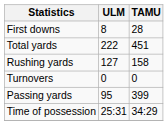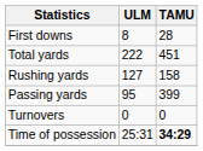 <table class="wikitable" style="float: left;">
 <tr>
 <th>Statistics</th>
 <th>ULM</th>
 <th>TAMU</th>
 </tr>
 <tr>
 <td>First downs</td>
 <td>8</td>
 <td>28</td>
 </tr>
 <tr>
 <td>Total yards</td>
 <td>222</td>
 <td>451</td>
 </tr>
 <tr>
 <td>Rushing yards</td>
 <td>127</td>
 <td>158</td>
 </tr>
 <tr>
+<td>Passing yards</td>
+<td>95</td>
+<td>399</td>
+</tr>
+<tr>
 <td>Turnovers</td>
 <td>0</td>
 <td>0</td>
 </tr>
 <tr>
-<td>Passing yards</td>
-<td>95</td>
-<td>399</td>
-</tr>
-<tr>
 <td>Time of possession</td>
 <td>25:31</td>
-<td>34:29</td>
+<td><strong>34:29</strong></td>
 </tr>
 <tr>
 </tr>
 </table>
